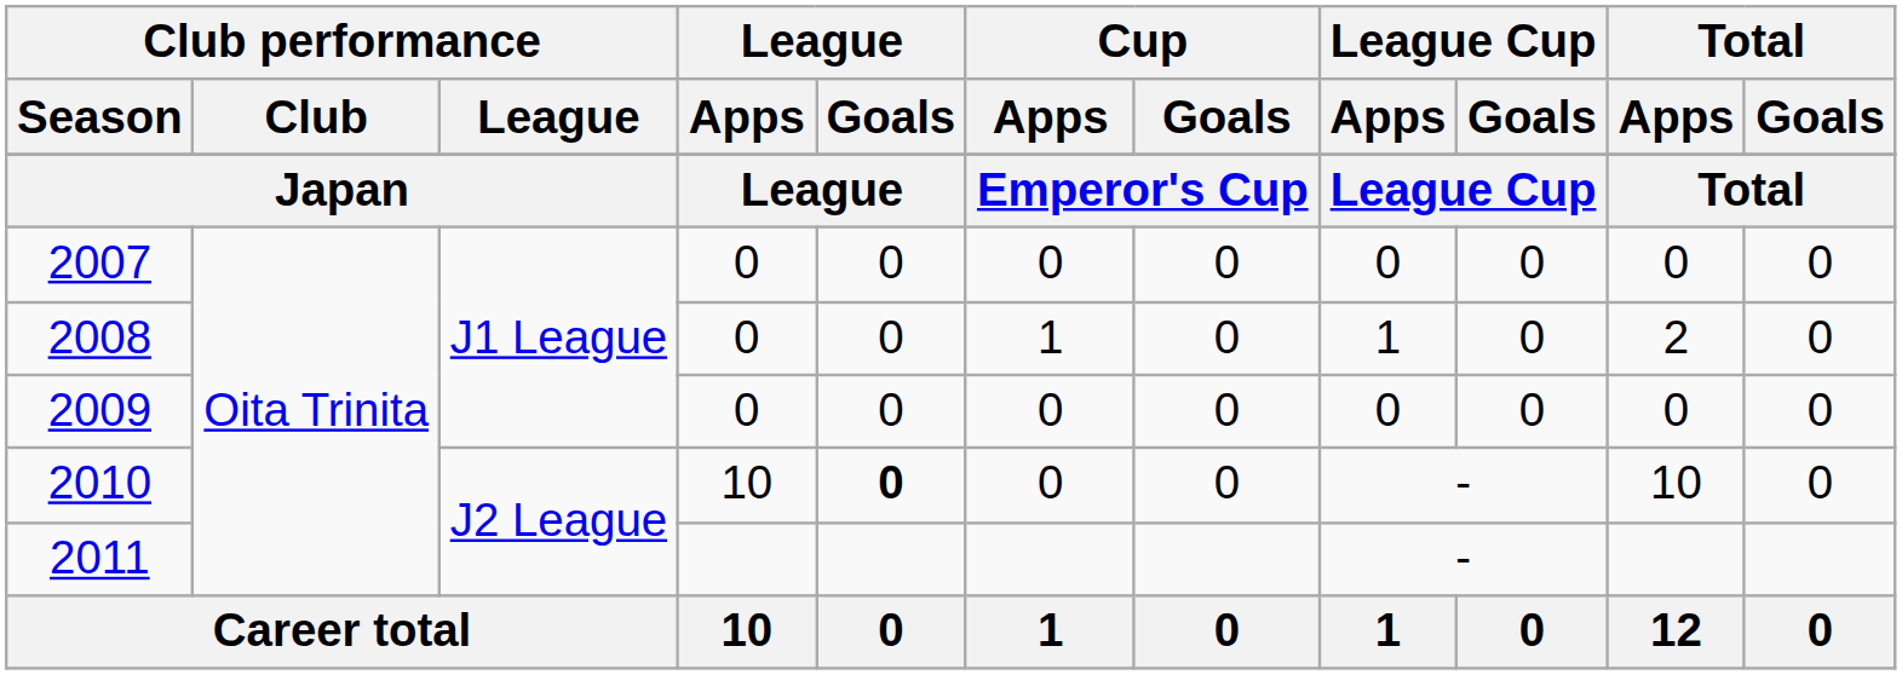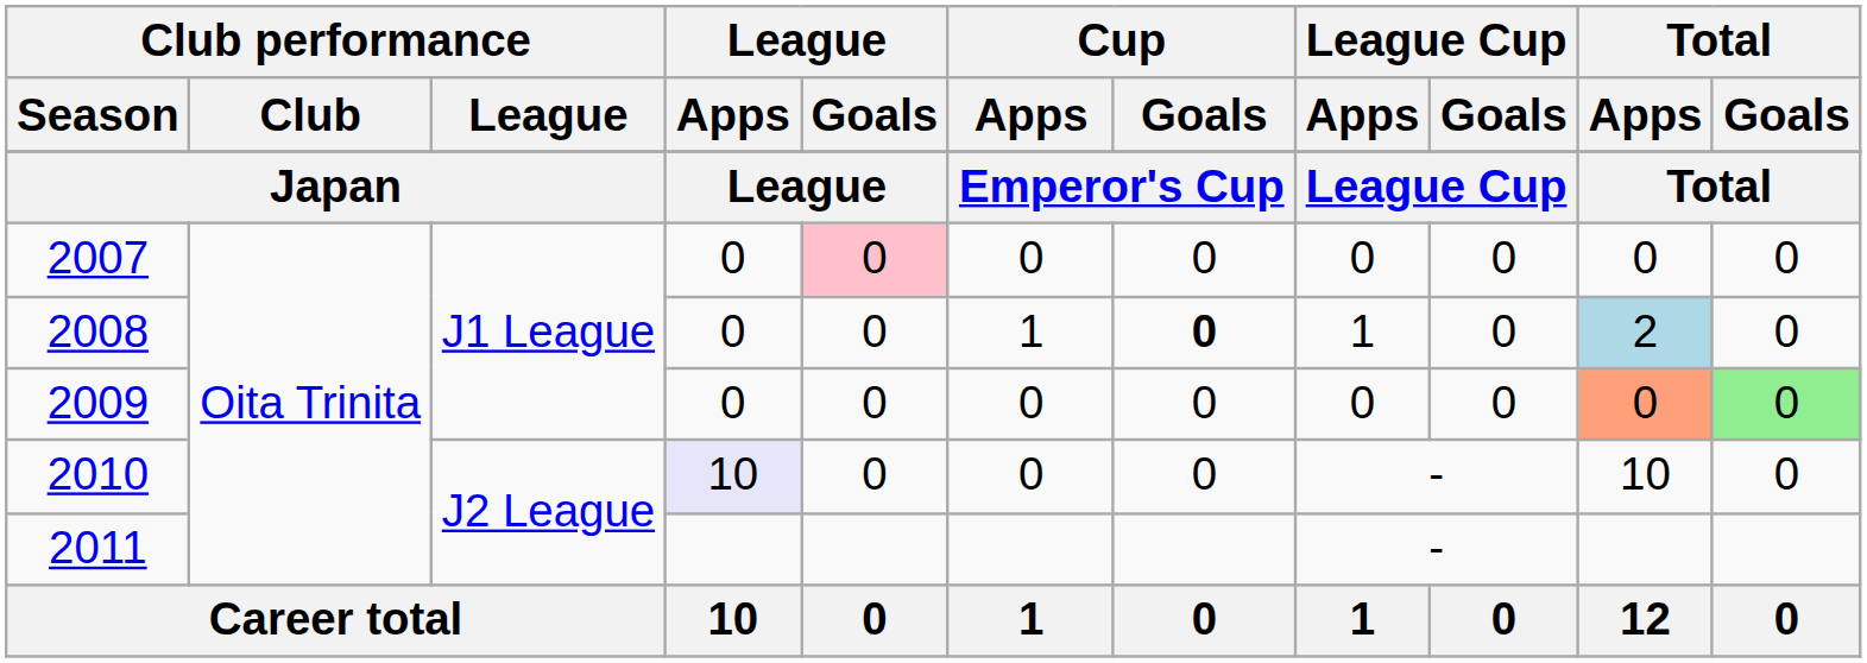 <table class="wikitable" style="text-align:center">
 <tr>
 <th colspan=3>Club performance</th>
 <th colspan=2>League</th>
 <th colspan=2>Cup</th>
 <th colspan=2>League Cup</th>
 <th colspan=2>Total</th>
 </tr>
 <tr>
 <th>Season</th>
 <th>Club</th>
 <th>League</th>
 <th>Apps</th>
 <th>Goals</th>
 <th>Apps</th>
 <th>Goals</th>
 <th>Apps</th>
 <th>Goals</th>
 <th>Apps</th>
 <th>Goals</th>
 </tr>
 <tr>
 </tr>
 <tr>
 <th colspan=3>Japan</th>
 <th colspan=2>League</th>
 <th colspan=2><a href='#'>Emperor's Cup</a></th>
 <th colspan=2><a href='#'>League Cup</a></th>
 <th colspan=2>Total</th>
 </tr>
 <tr>
 <td><a href='#'>2007</a></td>
 <td rowspan="5"><a href='#'>Oita Trinita</a></td>
 <td rowspan="3"><a href='#'>J1 League</a></td>
 <td>0</td>
-<td>0</td>
+<td style="background: pink;">0</td>
 <td>0</td>
 <td>0</td>
 <td>0</td>
 <td>0</td>
 <td>0</td>
 <td>0</td>
 </tr>
 <tr>
 <td><a href='#'>2008</a></td>
 <td>0</td>
 <td>0</td>
 <td>1</td>
-<td>0</td>
+<td><strong>0</strong></td>
 <td>1</td>
 <td>0</td>
-<td>2</td>
+<td style="background: lightblue;">2</td>
 <td>0</td>
 </tr>
 <tr>
 <td><a href='#'>2009</a></td>
 <td>0</td>
 <td>0</td>
 <td>0</td>
 <td>0</td>
 <td>0</td>
 <td>0</td>
-<td>0</td>
-<td>0</td>
+<td style="background: lightsalmon;">0</td>
+<td style="background: lightgreen;">0</td>
 </tr>
 <tr>
 <td><a href='#'>2010</a></td>
 <td rowspan="2"><a href='#'>J2 League</a></td>
-<td>10</td>
-<td><strong>0</strong></td>
+<td style="background: lavender;">10</td>
+<td>0</td>
 <td>0</td>
 <td>0</td>
 <td colspan="2">-</td>
 <td>10</td>
 <td>0</td>
 </tr>
 <tr>
 <td><a href='#'>2011</a></td>
 <td></td>
 <td></td>
 <td></td>
 <td></td>
 <td colspan="2">-</td>
 <td></td>
 <td></td>
 </tr>
 <tr>
 <th colspan=3>Career total</th>
 <th>10</th>
 <th>0</th>
 <th>1</th>
 <th>0</th>
 <th>1</th>
 <th>0</th>
 <th>12</th>
 <th>0</th>
 </tr>
 </table>
